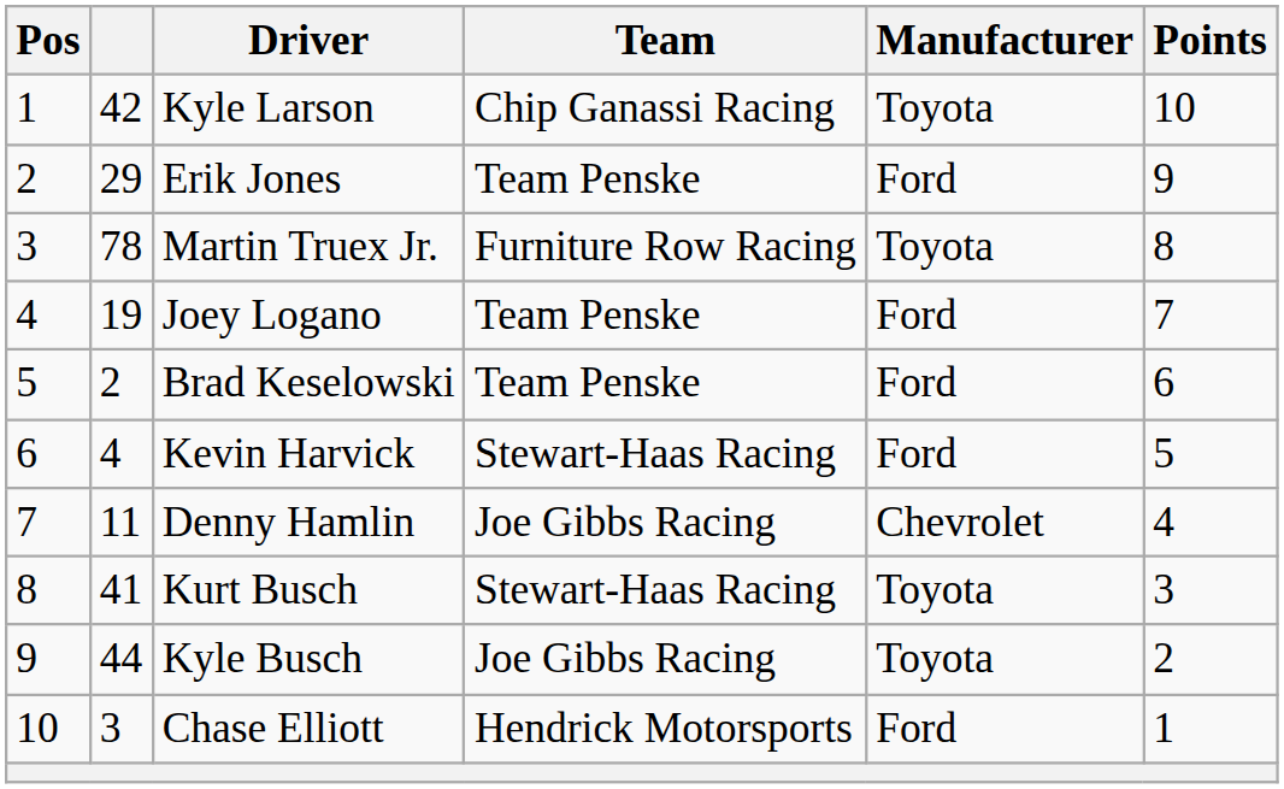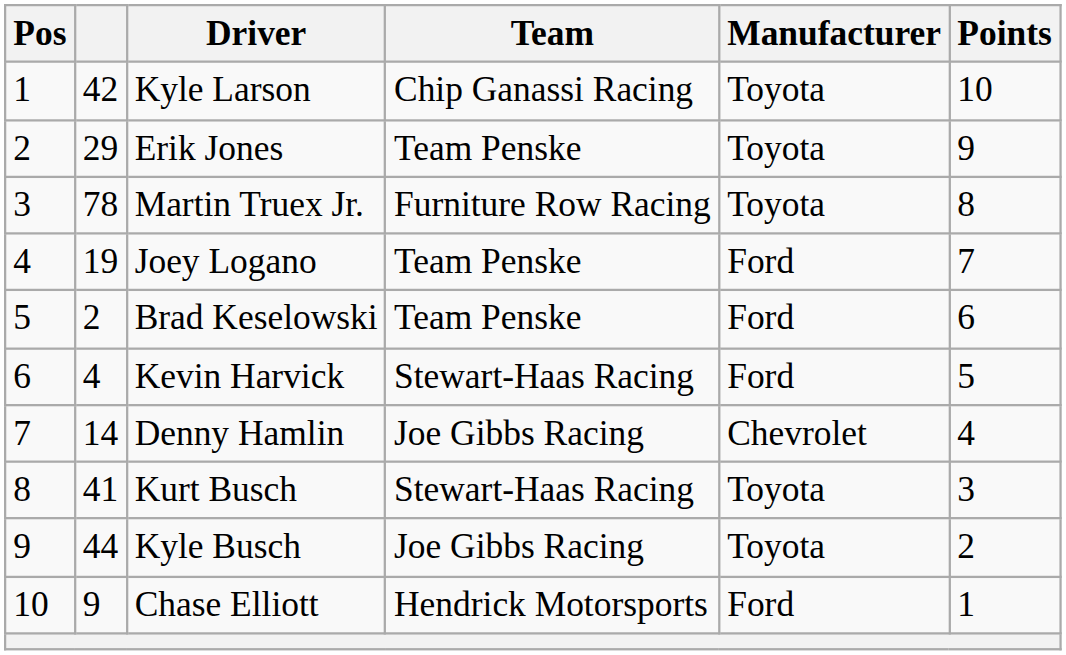 <table class="wikitable" style="font-size:98%">
 <tr>
 <th>Pos</th>
 <th></th>
 <th>Driver</th>
 <th>Team</th>
 <th>Manufacturer</th>
 <th>Points</th>
 </tr>
 <tr>
 <td>1</td>
 <td>42</td>
 <td>Kyle Larson</td>
 <td>Chip Ganassi Racing</td>
 <td>Toyota</td>
 <td>10</td>
 </tr>
 <tr>
 <td>2</td>
 <td>29</td>
 <td>Erik Jones</td>
 <td>Team Penske</td>
-<td>Ford</td>
+<td>Toyota</td>
 <td>9</td>
 </tr>
 <tr>
 <td>3</td>
 <td>78</td>
 <td>Martin Truex Jr.</td>
 <td>Furniture Row Racing</td>
 <td>Toyota</td>
 <td>8</td>
 </tr>
 <tr>
 <td>4</td>
 <td>19</td>
 <td>Joey Logano</td>
 <td>Team Penske</td>
 <td>Ford</td>
 <td>7</td>
 </tr>
 <tr>
 <td>5</td>
 <td>2</td>
 <td>Brad Keselowski</td>
 <td>Team Penske</td>
 <td>Ford</td>
 <td>6</td>
 </tr>
 <tr>
 <td>6</td>
 <td>4</td>
 <td>Kevin Harvick</td>
 <td>Stewart-Haas Racing</td>
 <td>Ford</td>
 <td>5</td>
 </tr>
 <tr>
 <td>7</td>
-<td>11</td>
+<td>14</td>
 <td>Denny Hamlin</td>
 <td>Joe Gibbs Racing</td>
 <td>Chevrolet</td>
 <td>4</td>
 </tr>
 <tr>
 <td>8</td>
 <td>41</td>
 <td>Kurt Busch</td>
 <td>Stewart-Haas Racing</td>
 <td>Toyota</td>
 <td>3</td>
 </tr>
 <tr>
 <td>9</td>
 <td>44</td>
 <td>Kyle Busch</td>
 <td>Joe Gibbs Racing</td>
 <td>Toyota</td>
 <td>2</td>
 </tr>
 <tr>
 <td>10</td>
-<td>3</td>
+<td>9</td>
 <td>Chase Elliott</td>
 <td>Hendrick Motorsports</td>
 <td>Ford</td>
 <td>1</td>
 </tr>
 <tr>
 <th colspan="6"></th>
 </tr>
 </table>
